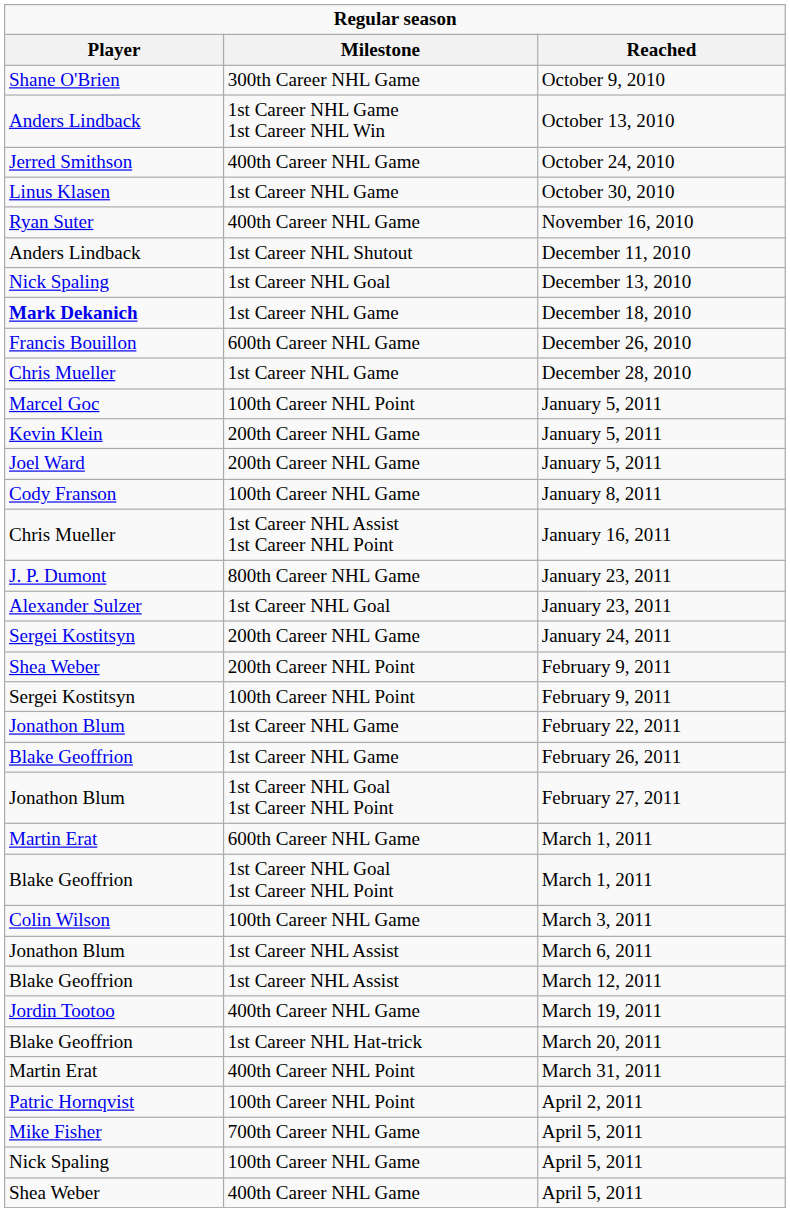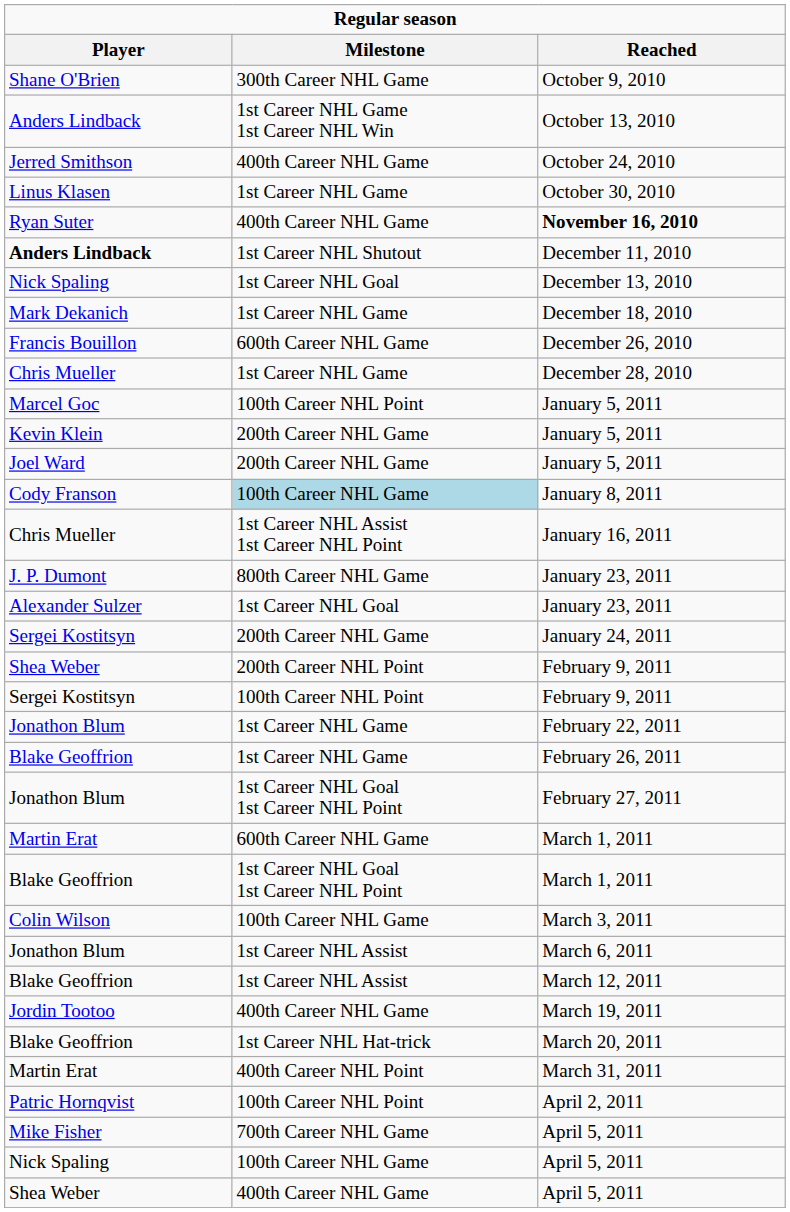 <table class="wikitable" width="52%">
 <tr>
 <td colspan="10" align="center"><strong>Regular season</strong></td>
 </tr>
 <tr>
 <th>Player</th>
 <th>Milestone</th>
 <th>Reached</th>
 </tr>
 <tr>
 <td><a href='#'>Shane O'Brien</a></td>
 <td>300th Career NHL Game</td>
 <td>October 9, 2010</td>
 </tr>
 <tr>
 <td><a href='#'>Anders Lindback</a></td>
 <td>1st Career NHL Game<br>1st Career NHL Win</td>
 <td>October 13, 2010</td>
 </tr>
 <tr>
 <td><a href='#'>Jerred Smithson</a></td>
 <td>400th Career NHL Game</td>
 <td>October 24, 2010</td>
 </tr>
 <tr>
 <td><a href='#'>Linus Klasen</a></td>
 <td>1st Career NHL Game</td>
 <td>October 30, 2010</td>
 </tr>
 <tr>
 <td><a href='#'>Ryan Suter</a></td>
 <td>400th Career NHL Game</td>
-<td>November 16, 2010</td>
+<td><strong>November 16, 2010</strong></td>
 </tr>
 <tr>
-<td>Anders Lindback</td>
+<td><strong>Anders Lindback</strong></td>
 <td>1st Career NHL Shutout</td>
 <td>December 11, 2010</td>
 </tr>
 <tr>
 <td><a href='#'>Nick Spaling</a></td>
 <td>1st Career NHL Goal</td>
 <td>December 13, 2010</td>
 </tr>
 <tr>
-<td><strong><a href='#'>Mark Dekanich</a></strong></td>
+<td><a href='#'>Mark Dekanich</a></td>
 <td>1st Career NHL Game</td>
 <td>December 18, 2010</td>
 </tr>
 <tr>
 <td><a href='#'>Francis Bouillon</a></td>
 <td>600th Career NHL Game</td>
 <td>December 26, 2010</td>
 </tr>
 <tr>
 <td><a href='#'>Chris Mueller</a></td>
 <td>1st Career NHL Game</td>
 <td>December 28, 2010</td>
 </tr>
 <tr>
 <td><a href='#'>Marcel Goc</a></td>
 <td>100th Career NHL Point</td>
 <td>January 5, 2011</td>
 </tr>
 <tr>
 <td><a href='#'>Kevin Klein</a></td>
 <td>200th Career NHL Game</td>
 <td>January 5, 2011</td>
 </tr>
 <tr>
 <td><a href='#'>Joel Ward</a></td>
 <td>200th Career NHL Game</td>
 <td>January 5, 2011</td>
 </tr>
 <tr>
 <td><a href='#'>Cody Franson</a></td>
-<td>100th Career NHL Game</td>
+<td style="background: lightblue;">100th Career NHL Game</td>
 <td>January 8, 2011</td>
 </tr>
 <tr>
 <td>Chris Mueller</td>
 <td>1st Career NHL Assist<br>1st Career NHL Point</td>
 <td>January 16, 2011</td>
 </tr>
 <tr>
 <td><a href='#'>J. P. Dumont</a></td>
 <td>800th Career NHL Game</td>
 <td>January 23, 2011</td>
 </tr>
 <tr>
 <td><a href='#'>Alexander Sulzer</a></td>
 <td>1st Career NHL Goal</td>
 <td>January 23, 2011</td>
 </tr>
 <tr>
 <td><a href='#'>Sergei Kostitsyn</a></td>
 <td>200th Career NHL Game</td>
 <td>January 24, 2011</td>
 </tr>
 <tr>
 <td><a href='#'>Shea Weber</a></td>
 <td>200th Career NHL Point</td>
 <td>February 9, 2011</td>
 </tr>
 <tr>
 <td>Sergei Kostitsyn</td>
 <td>100th Career NHL Point</td>
 <td>February 9, 2011</td>
 </tr>
 <tr>
 <td><a href='#'>Jonathon Blum</a></td>
 <td>1st Career NHL Game</td>
 <td>February 22, 2011</td>
 </tr>
 <tr>
 <td><a href='#'>Blake Geoffrion</a></td>
 <td>1st Career NHL Game</td>
 <td>February 26, 2011</td>
 </tr>
 <tr>
 <td>Jonathon Blum</td>
 <td>1st Career NHL Goal<br>1st Career NHL Point</td>
 <td>February 27, 2011</td>
 </tr>
 <tr>
 <td><a href='#'>Martin Erat</a></td>
 <td>600th Career NHL Game</td>
 <td>March 1, 2011</td>
 </tr>
 <tr>
 <td>Blake Geoffrion</td>
 <td>1st Career NHL Goal<br>1st Career NHL Point</td>
 <td>March 1, 2011</td>
 </tr>
 <tr>
 <td><a href='#'>Colin Wilson</a></td>
 <td>100th Career NHL Game</td>
 <td>March 3, 2011</td>
 </tr>
 <tr>
 <td>Jonathon Blum</td>
 <td>1st Career NHL Assist</td>
 <td>March 6, 2011</td>
 </tr>
 <tr>
 <td>Blake Geoffrion</td>
 <td>1st Career NHL Assist</td>
 <td>March 12, 2011</td>
 </tr>
 <tr>
 <td><a href='#'>Jordin Tootoo</a></td>
 <td>400th Career NHL Game</td>
 <td>March 19, 2011</td>
 </tr>
 <tr>
 <td>Blake Geoffrion</td>
 <td>1st Career NHL Hat-trick</td>
 <td>March 20, 2011</td>
 </tr>
 <tr>
 <td>Martin Erat</td>
 <td>400th Career NHL Point</td>
 <td>March 31, 2011</td>
 </tr>
 <tr>
 <td><a href='#'>Patric Hornqvist</a></td>
 <td>100th Career NHL Point</td>
 <td>April 2, 2011</td>
 </tr>
 <tr>
 <td><a href='#'>Mike Fisher</a></td>
 <td>700th Career NHL Game</td>
 <td>April 5, 2011</td>
 </tr>
 <tr>
 <td>Nick Spaling</td>
 <td>100th Career NHL Game</td>
 <td>April 5, 2011</td>
 </tr>
 <tr>
 <td>Shea Weber</td>
 <td>400th Career NHL Game</td>
 <td>April 5, 2011</td>
 </tr>
 </table>
